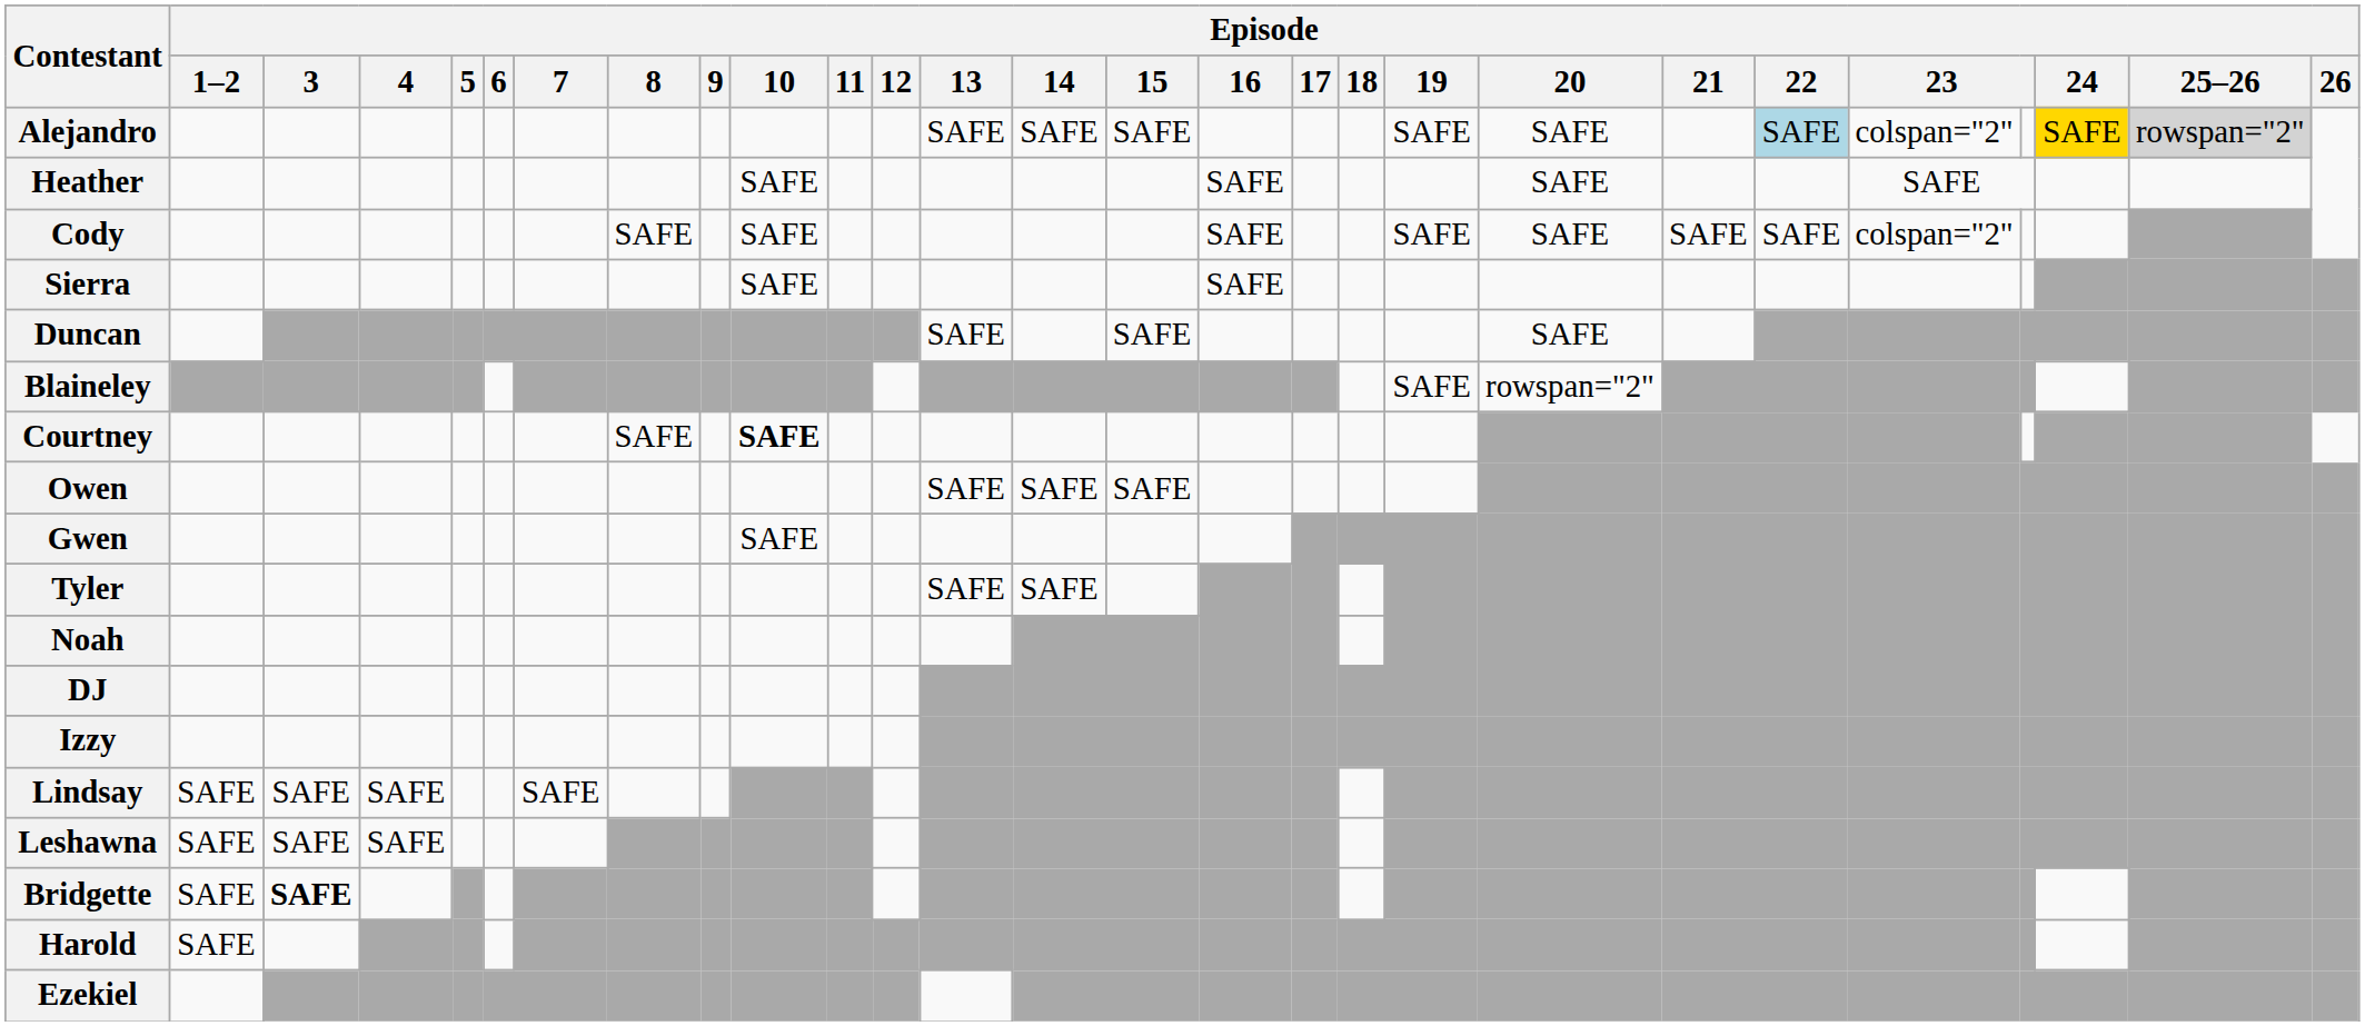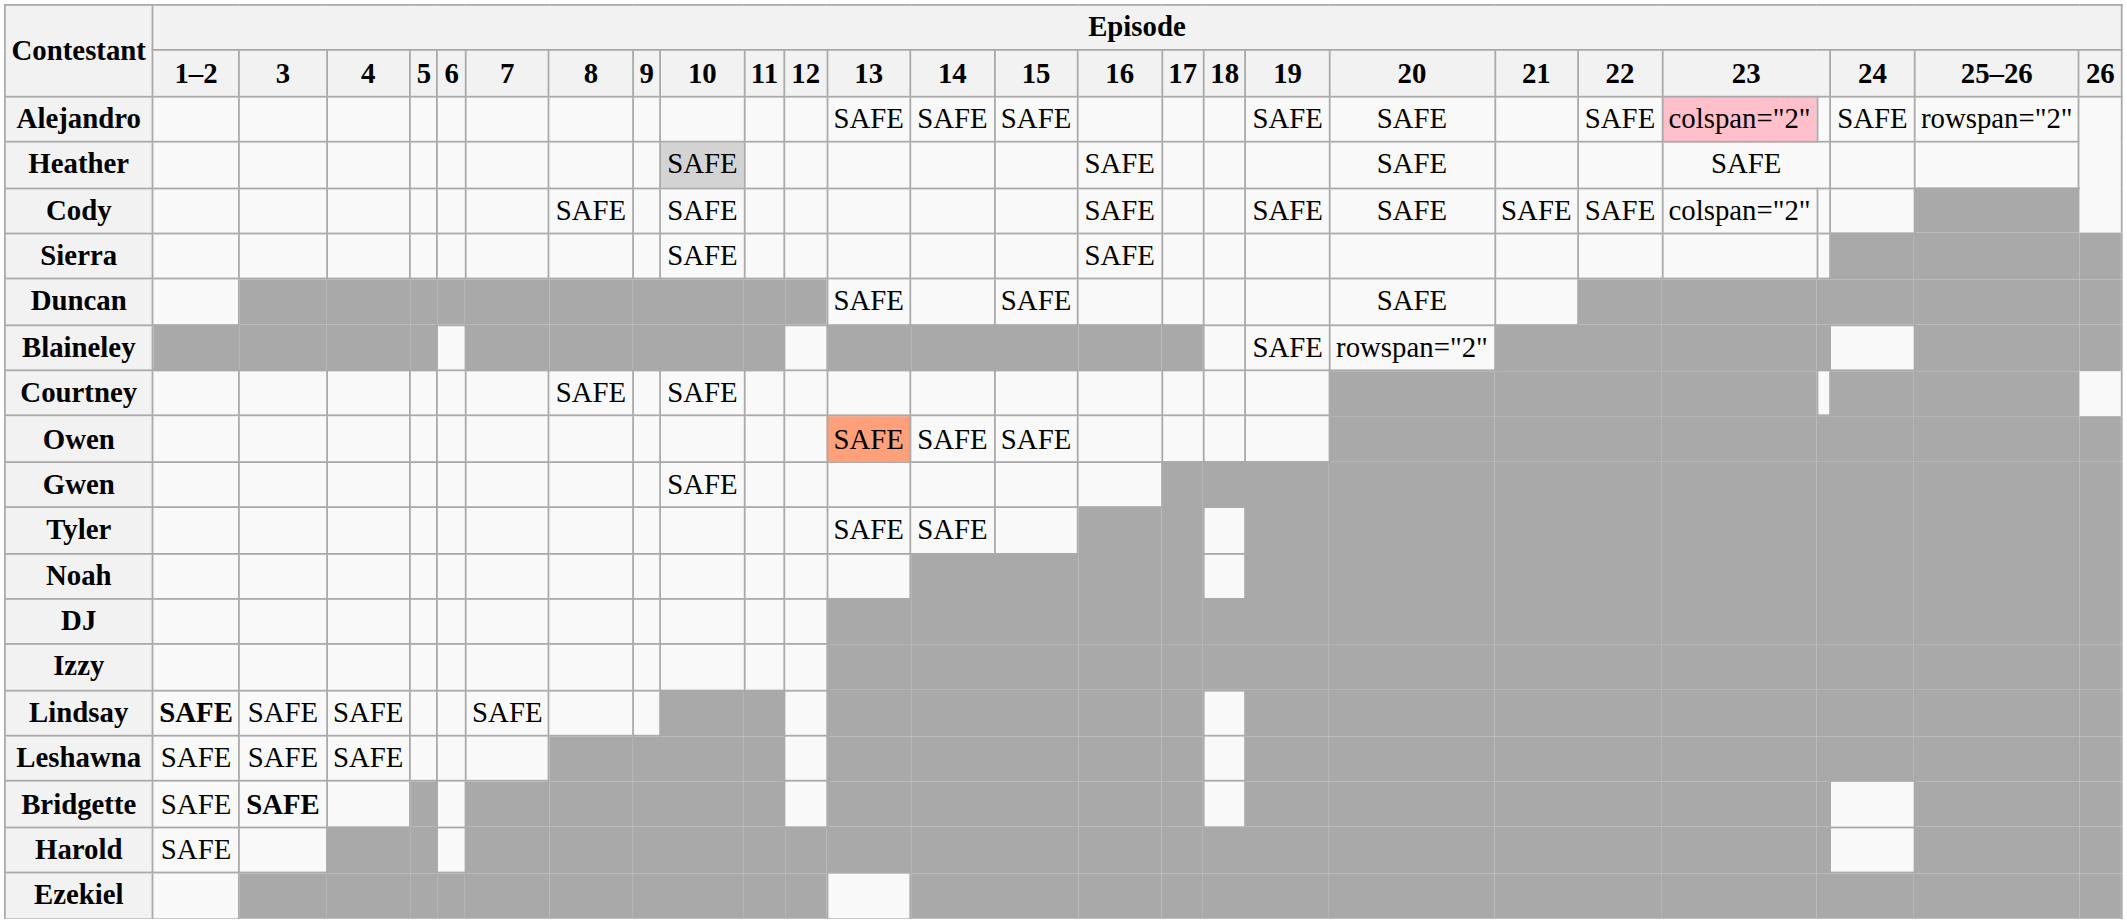 <table class="wikitable" style="text-align:center;">
 <tr>
 <th scope="col" rowspan="2">Contestant</th>
 <th scope="col" colspan="100%">Episode<br>                                                </th>
 </tr>
 <tr>
 <th scope="col">1–2</th>
 <th scope="col">3</th>
 <th scope="col">4</th>
 <th scope="col">5</th>
 <th scope="col">6</th>
 <th scope="col">7</th>
 <th scope="col">8</th>
 <th scope="col">9</th>
 <th scope="col">10</th>
 <th scope="col">11</th>
 <th scope="col">12</th>
 <th scope="col">13</th>
 <th scope="col">14</th>
 <th scope="col">15</th>
 <th scope="col">16</th>
 <th scope="col">17</th>
 <th scope="col">18</th>
 <th scope="col">19</th>
 <th scope="col">20</th>
 <th scope="col">21</th>
 <th scope="col">22</th>
 <th scope="col" colspan="2">23<br></th>
 <th scope="col">24</th>
 <th scope="col">25–26</th>
 <th scope="col">26</th>
 </tr>
 <tr>
 <th scope="row">Alejandro</th>
 <td></td>
 <td></td>
 <td></td>
 <td></td>
 <td></td>
 <td></td>
 <td></td>
 <td></td>
 <td></td>
 <td></td>
 <td></td>
 <td>SAFE</td>
 <td>SAFE</td>
 <td>SAFE</td>
 <td></td>
 <td></td>
 <td></td>
 <td>SAFE</td>
 <td>SAFE</td>
 <td></td>
-<td style="background: lightblue;">SAFE</td>
-<td>colspan="2" <br></td>
+<td>SAFE</td>
+<td style="background: pink;">colspan="2" <br></td>
 <td></td>
-<td style="background: gold;">SAFE</td>
-<td style="background: lightgrey;">rowspan="2" </td>
+<td>SAFE</td>
+<td>rowspan="2" </td>
 </tr>
 <tr>
 <th scope="row">Heather</th>
 <td></td>
 <td></td>
 <td></td>
 <td></td>
 <td></td>
 <td></td>
 <td></td>
 <td></td>
-<td>SAFE</td>
+<td style="background: lightgrey;">SAFE</td>
 <td></td>
 <td></td>
 <td></td>
 <td></td>
 <td></td>
 <td>SAFE</td>
 <td></td>
 <td></td>
 <td></td>
 <td>SAFE</td>
 <td></td>
 <td></td>
 <td colspan="2">SAFE<br></td>
 <td></td>
 <td><br></td>
 </tr>
 <tr>
 <th scope="row">Cody</th>
 <td></td>
 <td></td>
 <td></td>
 <td></td>
 <td></td>
 <td></td>
 <td>SAFE</td>
 <td></td>
 <td>SAFE</td>
 <td></td>
 <td></td>
 <td></td>
 <td></td>
 <td></td>
 <td>SAFE</td>
 <td></td>
 <td></td>
 <td>SAFE</td>
 <td>SAFE</td>
 <td>SAFE</td>
 <td>SAFE</td>
 <td>colspan="2" <br></td>
 <td></td>
 <td></td>
 <td style="background:darkgray; border:none;"></td>
 </tr>
 <tr>
 <th scope="row">Sierra</th>
 <td></td>
 <td></td>
 <td></td>
 <td></td>
 <td></td>
 <td></td>
 <td></td>
 <td></td>
 <td>SAFE</td>
 <td></td>
 <td></td>
 <td></td>
 <td></td>
 <td></td>
 <td>SAFE</td>
 <td></td>
 <td></td>
 <td></td>
 <td></td>
 <td></td>
 <td></td>
 <td></td>
 <td></td>
 <td style="background:darkgray; border:none;"></td>
 <td style="background:darkgray; border:none;"></td>
 <td style="background:darkgray; border:none;"></td>
 </tr>
 <tr>
 <th scope="row">Duncan</th>
 <td></td>
 <td style="background:darkgray; border:none;"></td>
 <td style="background:darkgray; border:none;"></td>
 <td style="background:darkgray; border:none;"></td>
 <td style="background:darkgray; border:none;"></td>
 <td style="background:darkgray; border:none;"></td>
 <td style="background:darkgray; border:none;"></td>
 <td style="background:darkgray; border:none;"></td>
 <td style="background:darkgray; border:none;"></td>
 <td style="background:darkgray; border:none;"></td>
 <td style="background:darkgray; border:none;"></td>
 <td>SAFE</td>
 <td></td>
 <td>SAFE</td>
 <td></td>
 <td></td>
 <td></td>
 <td></td>
 <td>SAFE</td>
 <td></td>
 <td style="background:darkgray; border:none;"></td>
 <td style="background:darkgray; border:none;"></td>
 <td style="background:darkgray; border:none;"></td>
 <td style="background:darkgray; border:none;"></td>
 <td style="background:darkgray; border:none;"></td>
 <td style="background:darkgray; border:none;"></td>
 </tr>
 <tr>
 <th scope="row">Blaineley</th>
 <td style="background:darkgray; border:none;"></td>
 <td style="background:darkgray; border:none;"></td>
 <td style="background:darkgray; border:none;"></td>
 <td style="background:darkgray; border:none;"></td>
 <td></td>
 <td style="background:darkgray; border:none;"></td>
 <td style="background:darkgray; border:none;"></td>
 <td style="background:darkgray; border:none;"></td>
 <td style="background:darkgray; border:none;"></td>
 <td style="background:darkgray; border:none;"></td>
 <td></td>
 <td style="background:darkgray; border:none;"></td>
 <td style="background:darkgray; border:none;"></td>
 <td style="background:darkgray; border:none;"></td>
 <td style="background:darkgray; border:none;"></td>
 <td style="background:darkgray; border:none;"></td>
 <td></td>
 <td>SAFE</td>
 <td>rowspan="2" </td>
 <td style="background:darkgray; border:none;"></td>
 <td style="background:darkgray; border:none;"></td>
 <td style="background:darkgray; border:none;"></td>
 <td style="background:darkgray; border:none;"></td>
 <td></td>
 <td style="background:darkgray; border:none;"></td>
 <td style="background:darkgray; border:none;"></td>
 </tr>
 <tr>
 <th scope="row">Courtney</th>
 <td></td>
 <td></td>
 <td></td>
 <td></td>
 <td></td>
 <td></td>
 <td>SAFE</td>
 <td></td>
-<td><strong>SAFE</strong></td>
+<td>SAFE</td>
 <td></td>
 <td></td>
 <td></td>
 <td></td>
 <td></td>
 <td></td>
 <td></td>
 <td></td>
 <td><br></td>
 <td style="background:darkgray; border:none;"></td>
 <td style="background:darkgray; border:none;"></td>
 <td style="background:darkgray; border:none;"></td>
 <td style="background:darkgray; border:none;"></td>
 <td></td>
 <td style="background:darkgray; border:none;"></td>
 <td style="background:darkgray; border:none;"></td>
 </tr>
 <tr>
 <th scope="row">Owen</th>
 <td></td>
 <td></td>
 <td></td>
 <td></td>
 <td></td>
 <td></td>
 <td></td>
 <td></td>
 <td></td>
 <td></td>
 <td></td>
-<td>SAFE</td>
+<td style="background: lightsalmon;">SAFE</td>
 <td>SAFE</td>
 <td>SAFE</td>
 <td></td>
 <td></td>
 <td></td>
 <td></td>
 <td style="background:darkgray; border:none;"></td>
 <td style="background:darkgray; border:none;"></td>
 <td style="background:darkgray; border:none;"></td>
 <td style="background:darkgray; border:none;"></td>
 <td style="background:darkgray; border:none;"></td>
 <td style="background:darkgray; border:none;"></td>
 <td style="background:darkgray; border:none;"></td>
 <td style="background:darkgray; border:none;"></td>
 </tr>
 <tr>
 <th scope="row">Gwen</th>
 <td></td>
 <td></td>
 <td></td>
 <td></td>
 <td></td>
 <td></td>
 <td></td>
 <td></td>
 <td>SAFE</td>
 <td></td>
 <td></td>
 <td></td>
 <td></td>
 <td></td>
 <td></td>
 <td style="background:darkgray; border:none;"></td>
 <td style="background:darkgray; border:none;"></td>
 <td style="background:darkgray; border:none;"></td>
 <td style="background:darkgray; border:none;"></td>
 <td style="background:darkgray; border:none;"></td>
 <td style="background:darkgray; border:none;"></td>
 <td style="background:darkgray; border:none;"></td>
 <td style="background:darkgray; border:none;"></td>
 <td style="background:darkgray; border:none;"></td>
 <td style="background:darkgray; border:none;"></td>
 <td style="background:darkgray; border:none;"></td>
 </tr>
 <tr>
 <th scope="row">Tyler</th>
 <td></td>
 <td></td>
 <td></td>
 <td></td>
 <td></td>
 <td></td>
 <td></td>
 <td></td>
 <td></td>
 <td></td>
 <td></td>
 <td>SAFE</td>
 <td>SAFE</td>
 <td></td>
 <td style="background:darkgray; border:none;"></td>
 <td style="background:darkgray; border:none;"></td>
 <td></td>
 <td style="background:darkgray; border:none;"></td>
 <td style="background:darkgray; border:none;"></td>
 <td style="background:darkgray; border:none;"></td>
 <td style="background:darkgray; border:none;"></td>
 <td style="background:darkgray; border:none;"></td>
 <td style="background:darkgray; border:none;"></td>
 <td style="background:darkgray; border:none;"></td>
 <td style="background:darkgray; border:none;"></td>
 <td style="background:darkgray; border:none;"></td>
 </tr>
 <tr>
 <th scope="row">Noah</th>
 <td></td>
 <td></td>
 <td></td>
 <td></td>
 <td></td>
 <td></td>
 <td></td>
 <td></td>
 <td></td>
 <td></td>
 <td></td>
 <td></td>
 <td style="background:darkgray; border:none;"></td>
 <td style="background:darkgray; border:none;"></td>
 <td style="background:darkgray; border:none;"></td>
 <td style="background:darkgray; border:none;"></td>
 <td></td>
 <td style="background:darkgray; border:none;"></td>
 <td style="background:darkgray; border:none;"></td>
 <td style="background:darkgray; border:none;"></td>
 <td style="background:darkgray; border:none;"></td>
 <td style="background:darkgray; border:none;"></td>
 <td style="background:darkgray; border:none;"></td>
 <td style="background:darkgray; border:none;"></td>
 <td style="background:darkgray; border:none;"></td>
 <td style="background:darkgray; border:none;"></td>
 </tr>
 <tr>
 <th scope="row">DJ</th>
 <td></td>
 <td></td>
 <td></td>
 <td></td>
 <td></td>
 <td></td>
 <td></td>
 <td></td>
 <td></td>
 <td></td>
 <td></td>
 <td style="background:darkgray; border:none;"></td>
 <td style="background:darkgray; border:none;"></td>
 <td style="background:darkgray; border:none;"></td>
 <td style="background:darkgray; border:none;"></td>
 <td style="background:darkgray; border:none;"></td>
 <td style="background:darkgray; border:none;"></td>
 <td style="background:darkgray; border:none;"></td>
 <td style="background:darkgray; border:none;"></td>
 <td style="background:darkgray; border:none;"></td>
 <td style="background:darkgray; border:none;"></td>
 <td style="background:darkgray; border:none;"></td>
 <td style="background:darkgray; border:none;"></td>
 <td style="background:darkgray; border:none;"></td>
 <td style="background:darkgray; border:none;"></td>
 <td style="background:darkgray; border:none;"></td>
 </tr>
 <tr>
 <th scope="row">Izzy</th>
 <td></td>
 <td></td>
 <td></td>
 <td></td>
 <td></td>
 <td></td>
 <td></td>
 <td></td>
 <td></td>
 <td></td>
 <td></td>
 <td style="background:darkgray; border:none;"></td>
 <td style="background:darkgray; border:none;"></td>
 <td style="background:darkgray; border:none;"></td>
 <td style="background:darkgray; border:none;"></td>
 <td style="background:darkgray; border:none;"></td>
 <td style="background:darkgray; border:none;"></td>
 <td style="background:darkgray; border:none;"></td>
 <td style="background:darkgray; border:none;"></td>
 <td style="background:darkgray; border:none;"></td>
 <td style="background:darkgray; border:none;"></td>
 <td style="background:darkgray; border:none;"></td>
 <td style="background:darkgray; border:none;"></td>
 <td style="background:darkgray; border:none;"></td>
 <td style="background:darkgray; border:none;"></td>
 <td style="background:darkgray; border:none;"></td>
 </tr>
 <tr>
 <th scope="row">Lindsay</th>
-<td>SAFE</td>
+<td><strong>SAFE</strong></td>
 <td>SAFE</td>
 <td>SAFE</td>
 <td></td>
 <td></td>
 <td>SAFE</td>
 <td></td>
 <td></td>
 <td style="background:darkgray; border:none;"></td>
 <td style="background:darkgray; border:none;"></td>
 <td></td>
 <td style="background:darkgray; border:none;"></td>
 <td style="background:darkgray; border:none;"></td>
 <td style="background:darkgray; border:none;"></td>
 <td style="background:darkgray; border:none;"></td>
 <td style="background:darkgray; border:none;"></td>
 <td></td>
 <td style="background:darkgray; border:none;"></td>
 <td style="background:darkgray; border:none;"></td>
 <td style="background:darkgray; border:none;"></td>
 <td style="background:darkgray; border:none;"></td>
 <td style="background:darkgray; border:none;"></td>
 <td style="background:darkgray; border:none;"></td>
 <td style="background:darkgray; border:none;"></td>
 <td style="background:darkgray; border:none;"></td>
 <td style="background:darkgray; border:none;"></td>
 </tr>
 <tr>
 <th scope="row">Leshawna</th>
 <td>SAFE</td>
 <td>SAFE</td>
 <td>SAFE</td>
 <td></td>
 <td></td>
 <td></td>
 <td style="background:darkgray; border:none;"></td>
 <td style="background:darkgray; border:none;"></td>
 <td style="background:darkgray; border:none;"></td>
 <td style="background:darkgray; border:none;"></td>
 <td></td>
 <td style="background:darkgray; border:none;"></td>
 <td style="background:darkgray; border:none;"></td>
 <td style="background:darkgray; border:none;"></td>
 <td style="background:darkgray; border:none;"></td>
 <td style="background:darkgray; border:none;"></td>
 <td></td>
 <td style="background:darkgray; border:none;"></td>
 <td style="background:darkgray; border:none;"></td>
 <td style="background:darkgray; border:none;"></td>
 <td style="background:darkgray; border:none;"></td>
 <td style="background:darkgray; border:none;"></td>
 <td style="background:darkgray; border:none;"></td>
 <td style="background:darkgray; border:none;"></td>
 <td style="background:darkgray; border:none;"></td>
 <td style="background:darkgray; border:none;"></td>
 </tr>
 <tr>
 <th scope="row">Bridgette</th>
 <td>SAFE</td>
 <td><strong>SAFE</strong></td>
 <td></td>
 <td style="background:darkgray; border:none;"></td>
 <td></td>
 <td style="background:darkgray; border:none;"></td>
 <td style="background:darkgray; border:none;"></td>
 <td style="background:darkgray; border:none;"></td>
 <td style="background:darkgray; border:none;"></td>
 <td style="background:darkgray; border:none;"></td>
 <td></td>
 <td style="background:darkgray; border:none;"></td>
 <td style="background:darkgray; border:none;"></td>
 <td style="background:darkgray; border:none;"></td>
 <td style="background:darkgray; border:none;"></td>
 <td style="background:darkgray; border:none;"></td>
 <td></td>
 <td style="background:darkgray; border:none;"></td>
 <td style="background:darkgray; border:none;"></td>
 <td style="background:darkgray; border:none;"></td>
 <td style="background:darkgray; border:none;"></td>
 <td style="background:darkgray; border:none;"></td>
 <td style="background:darkgray; border:none;"></td>
 <td></td>
 <td style="background:darkgray; border:none;"></td>
 <td style="background:darkgray; border:none;"></td>
 </tr>
 <tr>
 <th scope="row">Harold</th>
 <td>SAFE</td>
 <td></td>
 <td style="background:darkgray; border:none;"></td>
 <td style="background:darkgray; border:none;"></td>
 <td></td>
 <td style="background:darkgray; border:none;"></td>
 <td style="background:darkgray; border:none;"></td>
 <td style="background:darkgray; border:none;"></td>
 <td style="background:darkgray; border:none;"></td>
 <td style="background:darkgray; border:none;"></td>
 <td style="background:darkgray; border:none;"></td>
 <td style="background:darkgray; border:none;"></td>
 <td style="background:darkgray; border:none;"></td>
 <td style="background:darkgray; border:none;"></td>
 <td style="background:darkgray; border:none;"></td>
 <td style="background:darkgray; border:none;"></td>
 <td style="background:darkgray; border:none;"></td>
 <td style="background:darkgray; border:none;"></td>
 <td style="background:darkgray; border:none;"></td>
 <td style="background:darkgray; border:none;"></td>
 <td style="background:darkgray; border:none;"></td>
 <td style="background:darkgray; border:none;"></td>
 <td style="background:darkgray; border:none;"></td>
 <td></td>
 <td style="background:darkgray; border:none;"></td>
 <td style="background:darkgray; border:none;"></td>
 </tr>
 <tr>
 <th scope="row">Ezekiel</th>
 <td></td>
 <td style="background:darkgray; border:none;"></td>
 <td style="background:darkgray; border:none;"></td>
 <td style="background:darkgray; border:none;"></td>
 <td style="background:darkgray; border:none;"></td>
 <td style="background:darkgray; border:none;"></td>
 <td style="background:darkgray; border:none;"></td>
 <td style="background:darkgray; border:none;"></td>
 <td style="background:darkgray; border:none;"></td>
 <td style="background:darkgray; border:none;"></td>
 <td style="background:darkgray; border:none;"></td>
 <td></td>
 <td style="background:darkgray; border:none;"></td>
 <td style="background:darkgray; border:none;"></td>
 <td style="background:darkgray; border:none;"></td>
 <td style="background:darkgray; border:none;"></td>
 <td style="background:darkgray; border:none;"></td>
 <td style="background:darkgray; border:none;"></td>
 <td style="background:darkgray; border:none;"></td>
 <td style="background:darkgray; border:none;"></td>
 <td style="background:darkgray; border:none;"></td>
 <td style="background:darkgray; border:none;"></td>
 <td style="background:darkgray; border:none;"></td>
 <td style="background:darkgray; border:none;"></td>
 <td style="background:darkgray; border:none;"></td>
 <td style="background:darkgray; border:none;"></td>
 </tr>
 </table>
